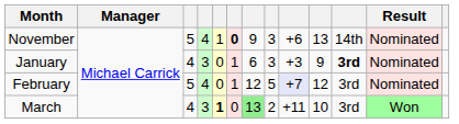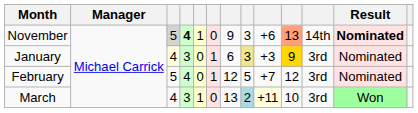 <table class="wikitable sortable" style="text-align:center; font-size:95%;">
 <tr>
 <th>Month</th>
 <th class="unsortable">Manager</th>
 <th></th>
 <th></th>
 <th></th>
 <th></th>
 <th></th>
 <th></th>
 <th></th>
 <th></th>
 <th></th>
 <th>Result</th>
 <th class="unsortable"></th>
 </tr>
 <tr>
 <td data-sort-value="1">November</td>
 <td rowspan="5" style="text-align:left;"> <a href='#'>Michael Carrick</a></td>
-<td>5</td>
-<td style="background:#ccffcc;">4</td>
+<td style="background: lightgrey;">5</td>
+<td style="background:#ccffcc;"><strong>4</strong></td>
 <td style="background:#ffffcc;">1</td>
-<td style="background:#ffe3e3;"><strong>0</strong></td>
+<td style="background:#ffe3e3;">0</td>
 <td>9</td>
 <td>3</td>
 <td>+6</td>
-<td>13</td>
+<td style="background: lightsalmon;">13</td>
 <td style="background:">14th</td>
-<td style="background:#ffe3e3;">Nominated</td>
+<td style="background:#ffe3e3;"><strong>Nominated</strong></td>
 <td></td>
 </tr>
 <tr>
 <td data-sort-value="2">January</td>
-<td>4</td>
+<td style="background: lightyellow;">4</td>
 <td style="background:#ccffcc;">3</td>
 <td style="background:#ffffcc;">0</td>
 <td style="background:#ffe3e3;">1</td>
 <td>6</td>
-<td>3</td>
+<td style="background: khaki;">3</td>
 <td>+3</td>
-<td>9</td>
-<td style="background:"><strong>3rd</strong></td>
+<td style="background: gold;">9</td>
+<td style="background:">3rd</td>
 <td style="background:#ffe3e3;">Nominated</td>
 <td></td>
 </tr>
 <tr>
 <td data-sort-value="3">February</td>
 <td>5</td>
 <td style="background:#ccffcc;">4</td>
 <td style="background:#ffffcc;">0</td>
 <td style="background:#ffe3e3;">1</td>
 <td>12</td>
 <td>5</td>
-<td style="background: lavender;">+7</td>
+<td>+7</td>
 <td>12</td>
 <td style="background:">3rd</td>
 <td style="background:#ffe3e3;">Nominated</td>
 <td></td>
 </tr>
 <tr>
 <td data-sort-value="4">March</td>
 <td>4</td>
 <td style="background:#ccffcc;">3</td>
-<td style="background:#ffffcc;"><strong>1</strong></td>
+<td style="background:#ffffcc;">1</td>
 <td style="background:#ffe3e3;">0</td>
-<td style="background: lightgreen;">13</td>
-<td>2</td>
-<td>+11</td>
+<td>13</td>
+<td style="background: lightblue;">2</td>
+<td style="background: lightyellow;">+11</td>
 <td>10</td>
 <td style="background:">3rd</td>
 <td style="background:#9eff9e;">Won</td>
 <td></td>
 </tr>
 </table>
